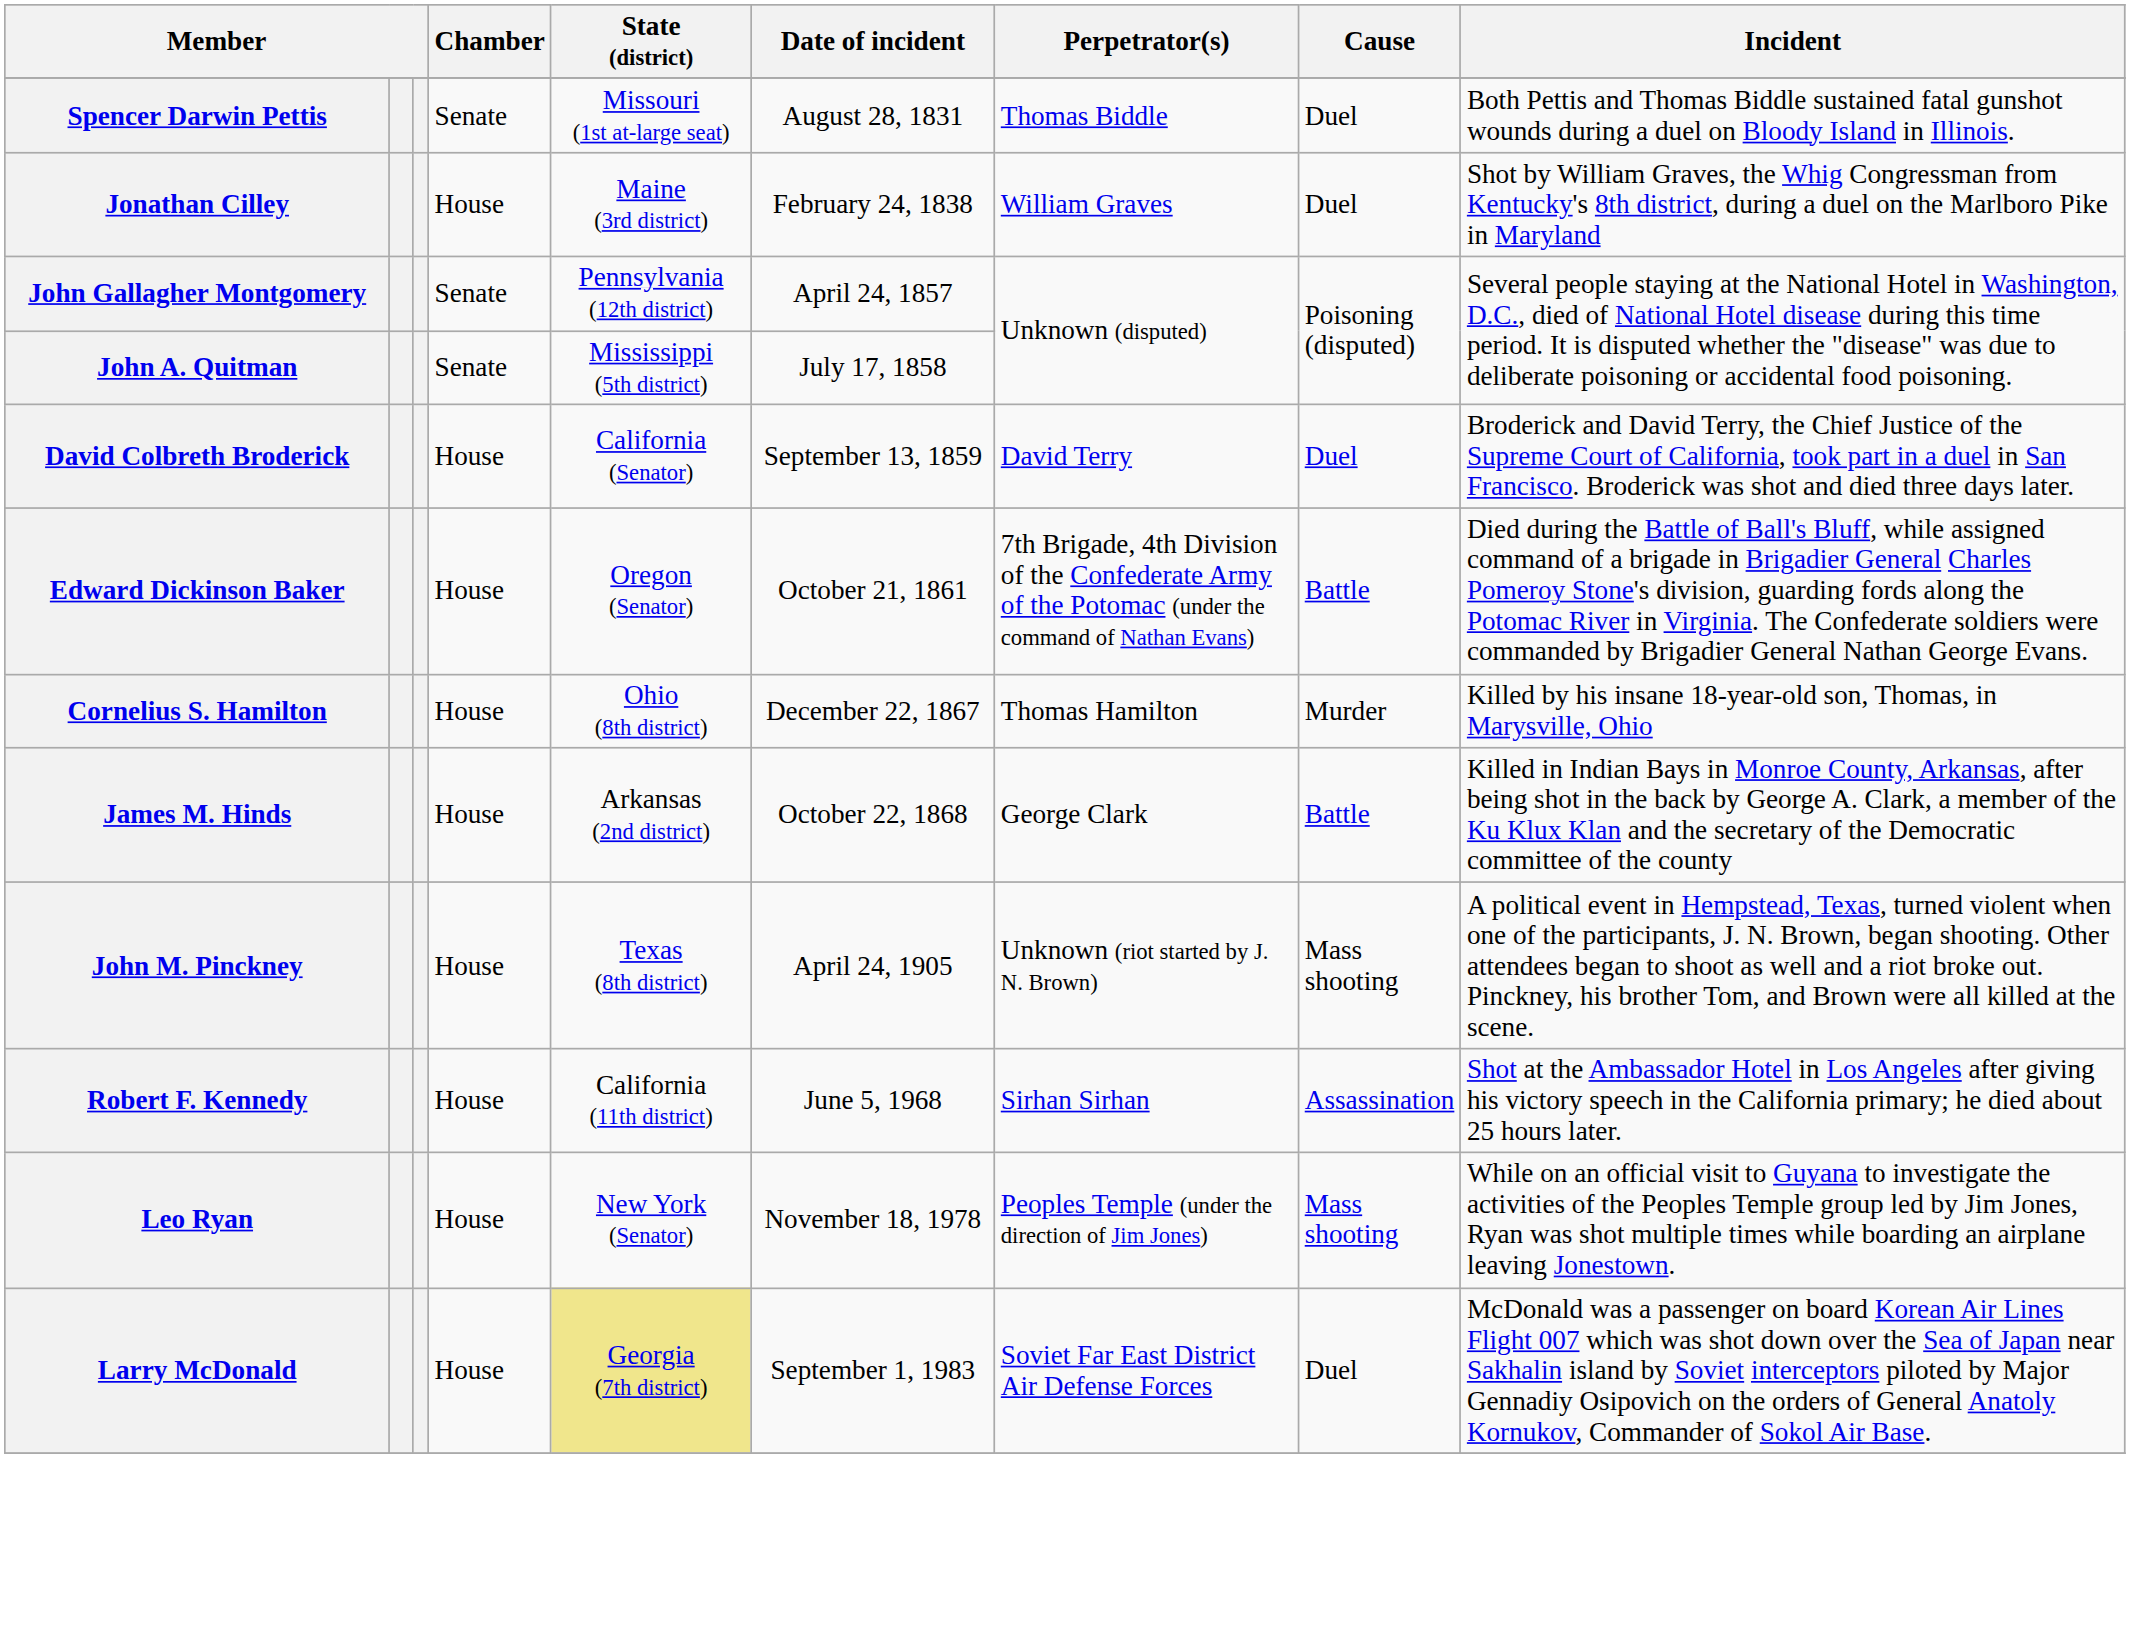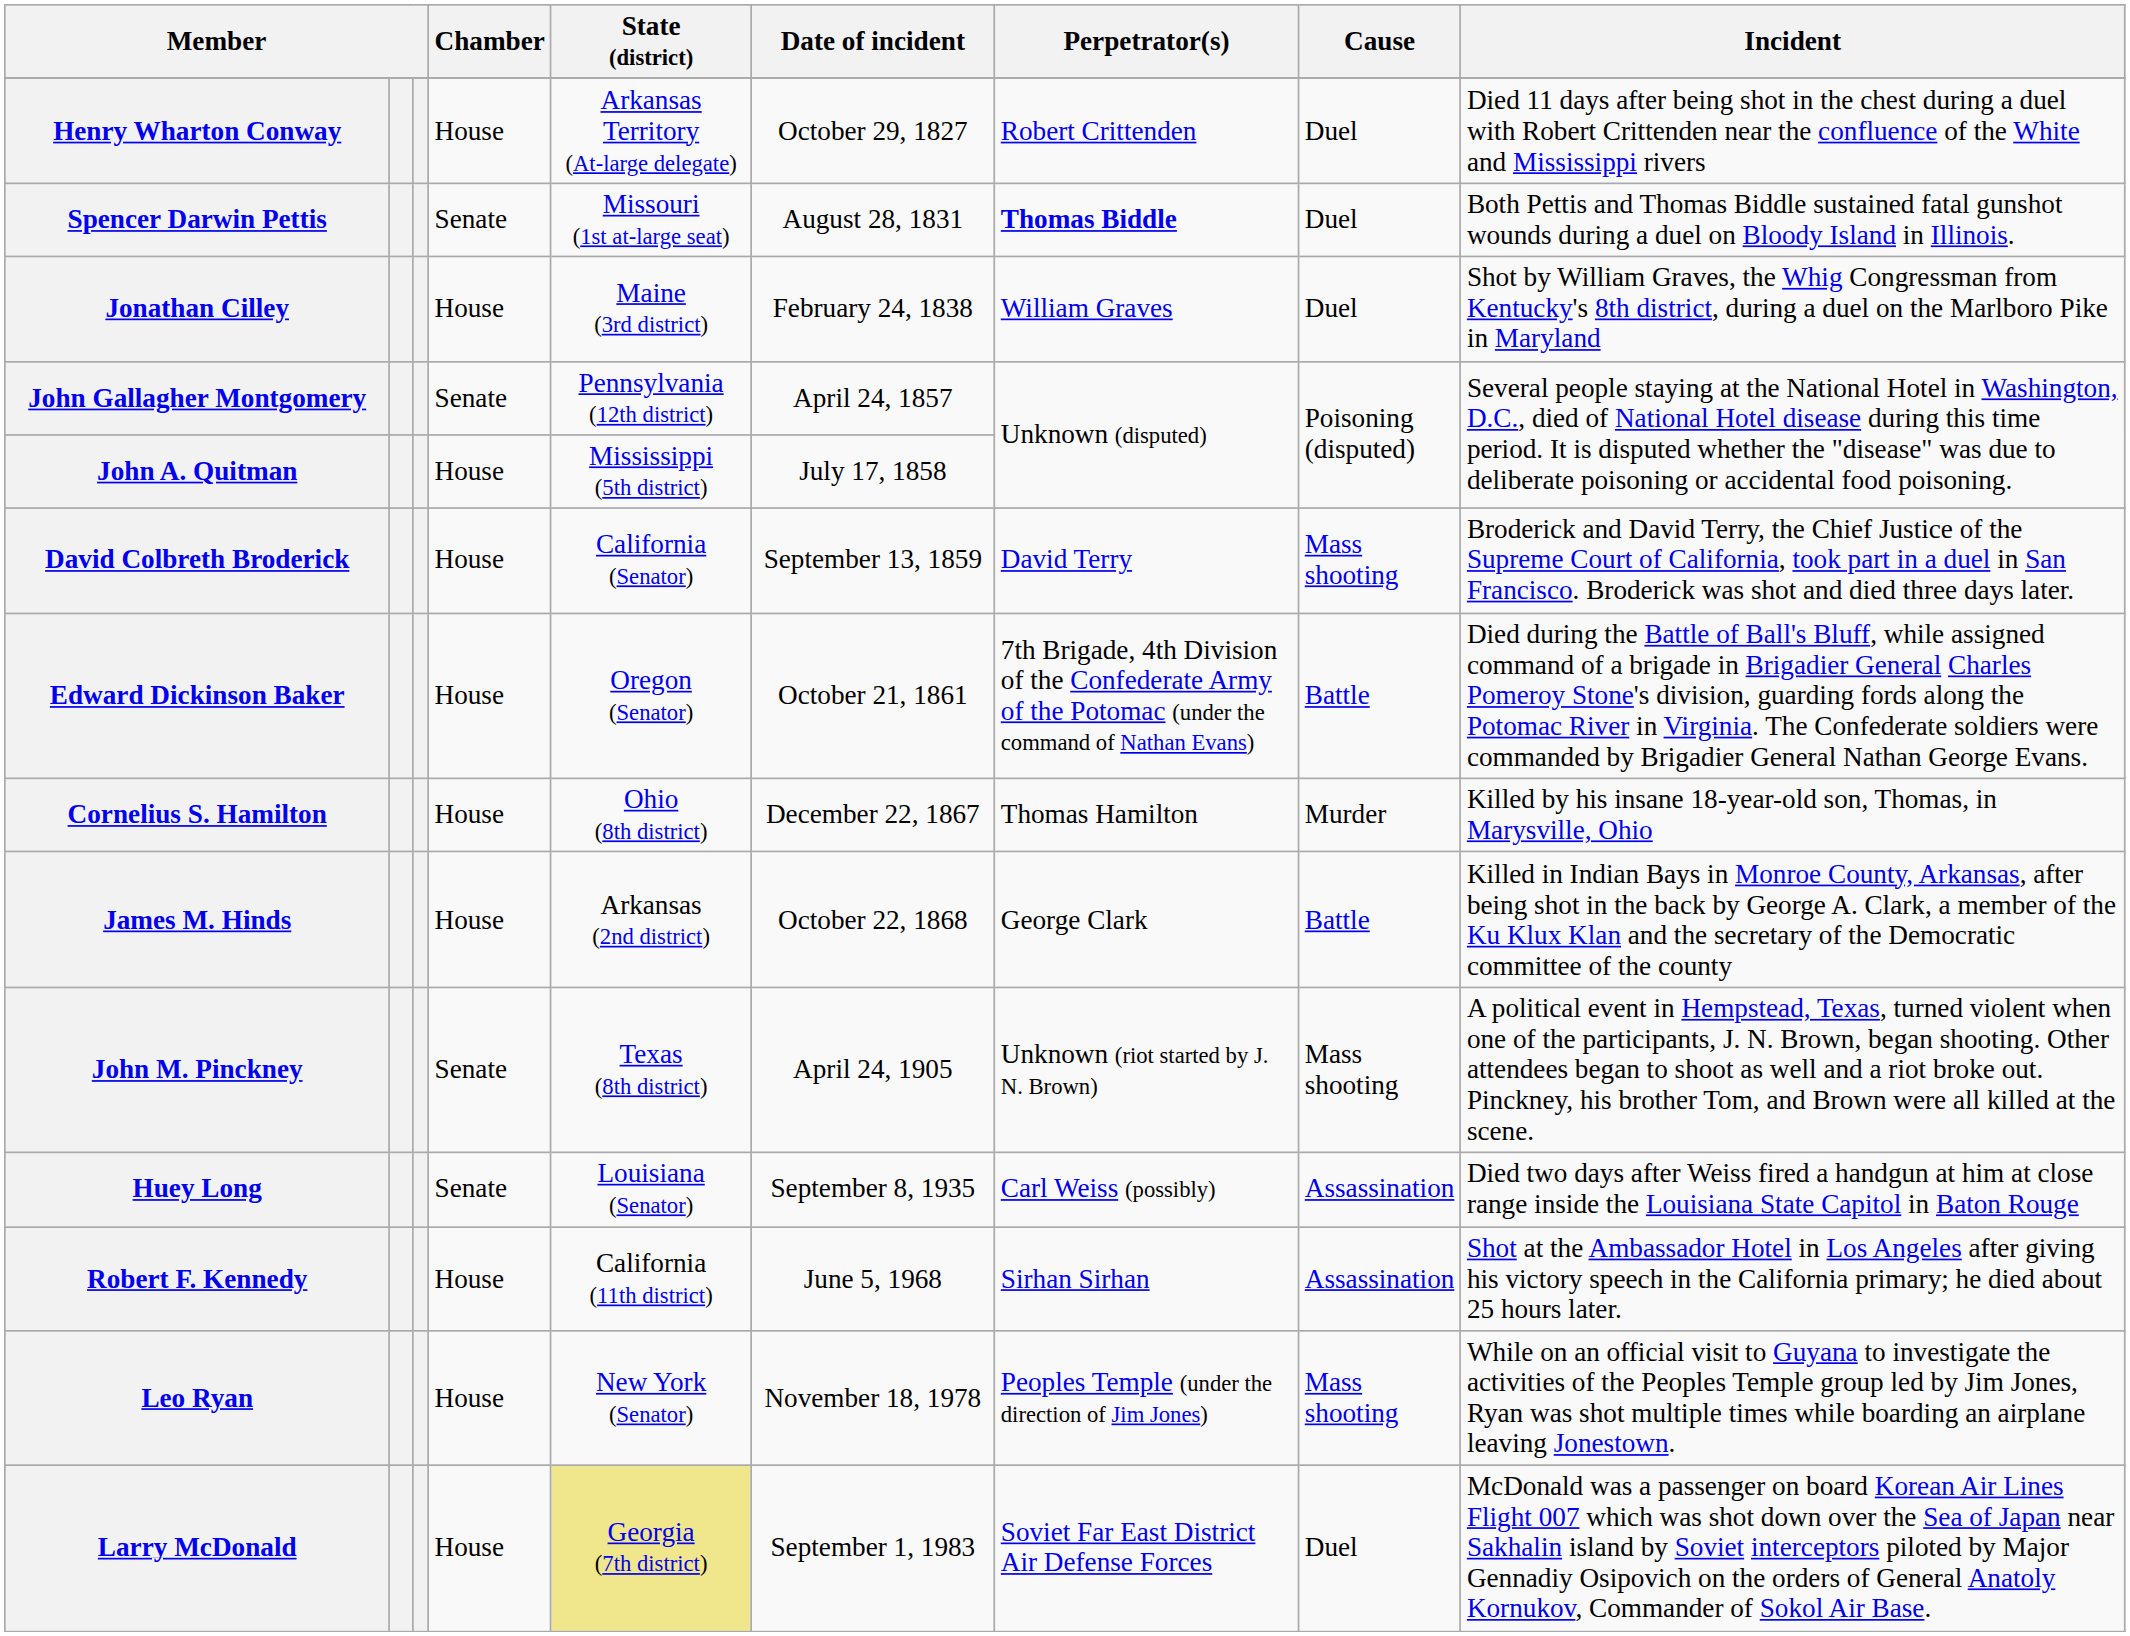 <table class="wikitable sortable" style="text-align:left">
 <tr>
 <th width="23%" colspan="3">Member</th>
 <th>Chamber</th>
 <th width="10%">State<br><small>(district)</small></th>
 <th width="13%">Date of incident</th>
 <th width="16%">Perpetrator(s)</th>
 <th>Cause</th>
 <th width="38%">Incident</th>
 </tr>
 <tr>
 </tr>
 <tr>
+<th><a href='#'>Henry Wharton Conway</a></th>
+<th style="background: "> </th>
+<th></th>
+<td>House</td>
+<td align="center"><a href='#'>Arkansas Territory</a><br><small>(<a href='#'>At-large delegate</a>)</small></td>
+<td align="center">October 29, 1827</td>
+<td><a href='#'>Robert Crittenden</a></td>
+<td>Duel</td>
+<td>Died 11 days after being shot in the chest during a duel with Robert Crittenden near the <a href='#'>confluence</a> of the <a href='#'>White</a> and <a href='#'>Mississippi</a> rivers</td>
+</tr>
+<tr>
 <th><a href='#'>Spencer Darwin Pettis</a></th>
 <th style="background: "> </th>
 <th></th>
 <td>Senate</td>
 <td align="center"><a href='#'>Missouri</a><br><small>(<a href='#'>1st at-large seat</a>)</small></td>
 <td align="center">August 28, 1831</td>
-<td><a href='#'>Thomas Biddle</a></td>
+<td><strong><a href='#'>Thomas Biddle</a></strong></td>
 <td>Duel</td>
 <td>Both Pettis and Thomas Biddle sustained fatal gunshot wounds during a duel on <a href='#'>Bloody Island</a> in <a href='#'>Illinois</a>.</td>
 </tr>
 <tr>
 <th><a href='#'>Jonathan Cilley</a></th>
 <th style="background: "> </th>
 <th></th>
 <td>House</td>
 <td align="center"><a href='#'>Maine</a><br><small>(<a href='#'>3rd district</a>)</small></td>
 <td align="center">February 24, 1838</td>
 <td><a href='#'>William Graves</a></td>
 <td>Duel</td>
 <td>Shot by William Graves, the <a href='#'>Whig</a> Congressman from <a href='#'>Kentucky</a>'s <a href='#'>8th district</a>, during a duel on the Marlboro Pike in <a href='#'>Maryland</a></td>
 </tr>
 <tr>
 <th><a href='#'>John Gallagher Montgomery</a></th>
 <th style="background: "> </th>
 <th></th>
 <td>Senate</td>
 <td align="center"><a href='#'>Pennsylvania</a><br><small>(<a href='#'>12th district</a>)</small></td>
 <td align="center">April 24, 1857</td>
 <td rowspan="2">Unknown <small>(disputed)</small></td>
 <td rowspan="2">Poisoning<br>(disputed)</td>
 <td rowspan="2">Several people staying at the National Hotel in <a href='#'>Washington, D.C.</a>, died of <a href='#'>National Hotel disease</a> during this time period. It is disputed whether the "disease" was due to deliberate poisoning or accidental food poisoning.</td>
 </tr>
 <tr>
 <th><a href='#'>John A. Quitman</a></th>
 <th style="background: "> </th>
 <th></th>
-<td>Senate</td>
+<td>House</td>
 <td align="center"><a href='#'>Mississippi</a><br><small>(<a href='#'>5th district</a>)</small></td>
 <td align="center">July 17, 1858</td>
 </tr>
 <tr>
 <th><a href='#'>David Colbreth Broderick</a></th>
 <th style="background: "> </th>
 <th></th>
 <td>House</td>
 <td align="center"><a href='#'>California</a><br><small>(<a href='#'>Senator</a>)</small></td>
 <td align="center">September 13, 1859</td>
 <td><a href='#'>David Terry</a></td>
-<td><a href='#'>Duel</a></td>
+<td><a href='#'>Mass shooting</a></td>
 <td>Broderick and David Terry, the Chief Justice of the <a href='#'>Supreme Court of California</a>, <a href='#'>took part in a duel</a> in <a href='#'>San Francisco</a>. Broderick was shot and died three days later.</td>
 </tr>
 <tr>
 <th><a href='#'>Edward Dickinson Baker</a></th>
 <th style="background: "> </th>
 <th></th>
 <td>House</td>
 <td align="center"><a href='#'>Oregon</a><br><small>(<a href='#'>Senator</a>)</small></td>
 <td align="center">October 21, 1861</td>
 <td>7th Brigade, 4th Division of the <a href='#'>Confederate Army of the Potomac</a> <small>(under the command of <a href='#'>Nathan Evans</a>)</small></td>
 <td><a href='#'>Battle</a></td>
 <td>Died during the <a href='#'>Battle of Ball's Bluff</a>, while assigned command of a brigade in <a href='#'>Brigadier General</a> <a href='#'>Charles Pomeroy Stone</a>'s division, guarding fords along the <a href='#'>Potomac River</a> in <a href='#'>Virginia</a>. The Confederate soldiers were commanded by Brigadier General Nathan George Evans.</td>
 </tr>
 <tr>
 <th><a href='#'>Cornelius S. Hamilton</a></th>
 <th style="background: "> </th>
 <th></th>
 <td>House</td>
 <td align="center"><a href='#'>Ohio</a><br><small>(<a href='#'>8th district</a>)</small></td>
 <td align="center">December 22, 1867</td>
 <td>Thomas Hamilton</td>
 <td>Murder</td>
 <td>Killed by his insane 18-year-old son, Thomas, in <a href='#'>Marysville, Ohio</a></td>
 </tr>
 <tr>
 <th><a href='#'>James M. Hinds</a></th>
 <th style="background: "> </th>
 <th></th>
 <td>House</td>
 <td align="center">Arkansas<br><small>(<a href='#'>2nd district</a>)</small></td>
 <td align="center">October 22, 1868</td>
 <td>George Clark</td>
 <td><a href='#'>Battle</a></td>
 <td>Killed in Indian Bays in <a href='#'>Monroe County, Arkansas</a>, after being shot in the back by George A. Clark, a member of the <a href='#'>Ku Klux Klan</a> and the secretary of the Democratic committee of the county</td>
 </tr>
 <tr>
 <th><a href='#'>John M. Pinckney</a></th>
 <th style="background: "> </th>
 <th></th>
-<td>House</td>
+<td>Senate</td>
 <td align="center"><a href='#'>Texas</a><br><small>(<a href='#'>8th district</a>)</small></td>
 <td align="center">April 24, 1905</td>
 <td>Unknown <small>(riot started by J. N. Brown)</small></td>
 <td>Mass shooting</td>
 <td>A political event in <a href='#'>Hempstead, Texas</a>, turned violent when one of the participants, J. N. Brown, began shooting. Other attendees began to shoot as well and a riot broke out. Pinckney, his brother Tom, and Brown were all killed at the scene.</td>
+</tr>
+<tr>
+<th><a href='#'>Huey Long</a></th>
+<th style="background: "> </th>
+<th></th>
+<td>Senate</td>
+<td align="center"><a href='#'>Louisiana</a><br><small>(<a href='#'>Senator</a>)</small></td>
+<td align="center">September 8, 1935</td>
+<td><a href='#'>Carl Weiss</a> <small>(possibly)</small></td>
+<td><a href='#'>Assassination</a></td>
+<td>Died two days after Weiss fired a handgun at him at close range inside the <a href='#'>Louisiana State Capitol</a> in <a href='#'>Baton Rouge</a></td>
 </tr>
 <tr>
 <th><a href='#'>Robert F. Kennedy</a></th>
 <th style="background: "> </th>
 <th></th>
 <td>House</td>
 <td align="center">California<br><small>(<a href='#'>11th district</a>)</small></td>
 <td align="center">June 5, 1968</td>
 <td><a href='#'>Sirhan Sirhan</a></td>
 <td><a href='#'>Assassination</a></td>
 <td><a href='#'>Shot</a> at the <a href='#'>Ambassador Hotel</a> in <a href='#'>Los Angeles</a> after giving his victory speech in the California primary; he died about 25 hours later.</td>
 </tr>
 <tr>
 <th><a href='#'>Leo Ryan</a></th>
 <th style="background: "> </th>
 <th></th>
 <td>House</td>
 <td align="center"><a href='#'>New York</a><br><small>(<a href='#'>Senator</a>)</small></td>
 <td align="center">November 18, 1978</td>
 <td><a href='#'>Peoples Temple</a> <small>(under the direction of <a href='#'>Jim Jones</a>)</small></td>
 <td><a href='#'>Mass shooting</a></td>
 <td>While on an official visit to <a href='#'>Guyana</a> to investigate the activities of the Peoples Temple group led by Jim Jones, Ryan was shot multiple times while boarding an airplane leaving <a href='#'>Jonestown</a>.</td>
 </tr>
 <tr>
 <th><a href='#'>Larry McDonald</a></th>
 <th style="background: "> </th>
 <th></th>
 <td>House</td>
 <td align="center" style="background: khaki;"><a href='#'>Georgia</a><br><small>(<a href='#'>7th district</a>)</small></td>
 <td align="center">September 1, 1983</td>
 <td><a href='#'>Soviet Far East District Air Defense Forces</a></td>
 <td>Duel</td>
 <td>McDonald was a passenger on board <a href='#'>Korean Air Lines Flight 007</a> which was shot down over the <a href='#'>Sea of Japan</a> near <a href='#'>Sakhalin</a> island by <a href='#'>Soviet</a> <a href='#'>interceptors</a> piloted by Major Gennadiy Osipovich on the orders of General <a href='#'>Anatoly Kornukov</a>, Commander of <a href='#'>Sokol Air Base</a>.</td>
 </tr>
 <tr>
 </tr>
 </table>
